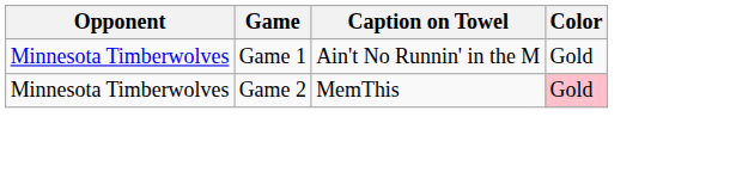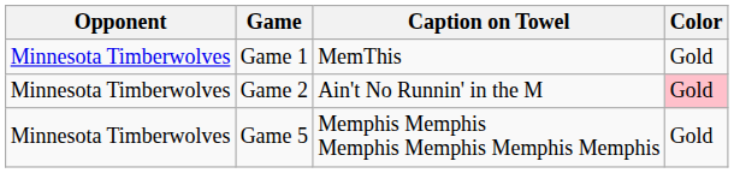 <table class="wikitable">
 <tr>
 <th>Opponent</th>
 <th>Game</th>
 <th>Caption on Towel</th>
 <th>Color</th>
 </tr>
 <tr>
 <td><a href='#'>Minnesota Timberwolves</a></td>
 <td>Game 1</td>
-<td>Ain't No Runnin' in the M</td>
+<td>MemThis</td>
 <td>Gold</td>
 </tr>
 <tr>
 <td>Minnesota Timberwolves</td>
 <td>Game 2</td>
-<td>MemThis</td>
+<td>Ain't No Runnin' in the M</td>
 <td style="background: pink;">Gold</td>
 </tr>
+<tr>
+<td>Minnesota Timberwolves</td>
+<td>Game 5</td>
+<td>Memphis Memphis<br>Memphis Memphis  Memphis Memphis</td>
+<td>Gold</td>
+</tr>
 </table>
